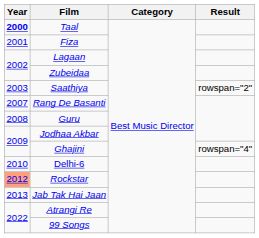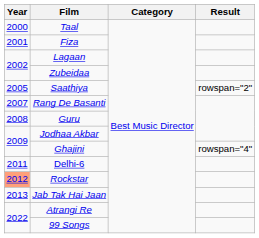 <table class="wikitable">
 <tr>
 <th>Year</th>
 <th>Film</th>
 <th>Category</th>
 <th>Result</th>
 </tr>
 <tr>
-<td style="text-align:center;"><strong><a href='#'>2000</a></strong></td>
+<td style="text-align:center;"><a href='#'>2000</a></td>
 <td style="text-align:center;"><em><a href='#'>Taal</a></em></td>
 <td rowspan="14" style="text-align:center;"><a href='#'>Best Music Director</a></td>
 <td></td>
 </tr>
 <tr>
 <td style="text-align:center;"><a href='#'>2001</a></td>
 <td style="text-align:center;"><em><a href='#'>Fiza</a></em></td>
 <td></td>
 </tr>
 <tr>
 <td rowspan="2" style="text-align:center;"><a href='#'>2002</a></td>
 <td style="text-align:center;"><em><a href='#'>Lagaan</a></em></td>
 <td></td>
 </tr>
 <tr>
 <td style="text-align:center;"><em><a href='#'>Zubeidaa</a></em></td>
 <td></td>
 </tr>
 <tr>
-<td style="text-align:center;"><a href='#'>2003</a></td>
+<td style="text-align:center;"><a href='#'>2005</a></td>
 <td style="text-align:center;"><em><a href='#'>Saathiya</a></em></td>
 <td>rowspan="2" </td>
 </tr>
 <tr>
 <td style="text-align:center;"><a href='#'>2007</a></td>
 <td style="text-align:center;"><em><a href='#'>Rang De Basanti</a></em></td>
 </tr>
 <tr>
 <td style="text-align:center;"><a href='#'>2008</a></td>
 <td style="text-align:center;"><em><a href='#'>Guru</a></em></td>
 </tr>
 <tr>
 <td rowspan="2" style="text-align:center;"><a href='#'>2009</a></td>
 <td style="text-align:center;"><em><a href='#'>Jodhaa Akbar</a></em></td>
 </tr>
 <tr>
 <td style="text-align:center;"><em><a href='#'>Ghajini</a></em></td>
 <td>rowspan="4" </td>
 </tr>
 <tr>
-<td style="text-align:center;"><a href='#'>2010</a></td>
+<td style="text-align:center;"><a href='#'>2011</a></td>
 <td style="text-align:center;"><a href='#'>Delhi-6</a></td>
 </tr>
 <tr>
 <td style="background: lightsalmon; text-align:center;"><a href='#'>2012</a></td>
 <td style="text-align:center;"><em><a href='#'>Rockstar</a></em></td>
 <td></td>
 </tr>
 <tr>
 <td style="text-align:center;"><a href='#'>2013</a></td>
 <td style="text-align:center;"><em><a href='#'>Jab Tak Hai Jaan</a></em></td>
 <td></td>
 </tr>
 <tr>
 <td rowspan="2" style="text-align:center;"><a href='#'>2022</a></td>
 <td style="text-align:center;"><em><a href='#'>Atrangi Re</a></em></td>
 <td></td>
 </tr>
 <tr>
 <td style="text-align:center;"><em><a href='#'>99 Songs</a></em></td>
 <td></td>
 </tr>
 </table>
